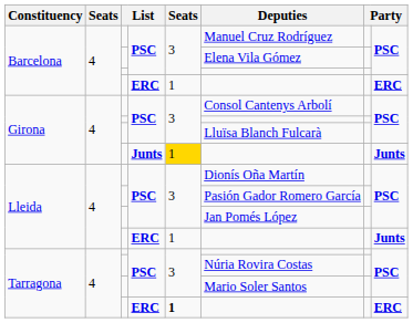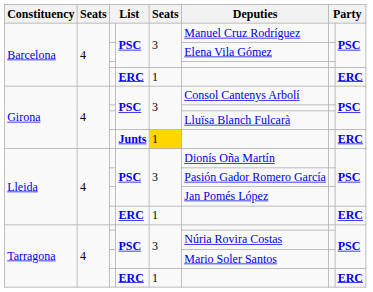 <table class="wikitable sortable">
 <tr>
 <th>Constituency</th>
 <th>Seats</th>
 <th colspan="2">List</th>
 <th>Seats</th>
 <th>Deputies</th>
 <th colspan="2">Party</th>
 </tr>
 <tr>
 <td rowspan="4"><a href='#'>Barcelona</a></td>
 <td rowspan="4">4</td>
 <td width="1"></td>
 <td rowspan="3"><strong><a href='#'>PSC</a></strong></td>
 <td rowspan="3">3</td>
 <td><a href='#'>Manuel Cruz Rodríguez</a></td>
 <td width="1"></td>
 <td rowspan="3"><strong><a href='#'>PSC</a></strong></td>
 </tr>
 <tr>
 <td width="1"></td>
 <td><a href='#'>Elena Vila Gómez</a></td>
 <td width="1"></td>
 </tr>
 <tr>
 <td width="1"></td>
 <td></td>
 <td width="1"></td>
 </tr>
 <tr>
 <td></td>
 <td><a href='#'><strong>ERC</strong></a></td>
 <td>1</td>
 <td></td>
 <td></td>
 <td><a href='#'><strong>ERC</strong></a></td>
 </tr>
 <tr>
 <td rowspan="4"><a href='#'>Girona</a></td>
 <td rowspan="4">4</td>
 <td width="1"></td>
 <td rowspan="3"><strong><a href='#'>PSC</a></strong></td>
 <td rowspan="3">3</td>
 <td><a href='#'>Consol Cantenys Arbolí</a></td>
 <td width="1"></td>
 <td rowspan="3"><strong><a href='#'>PSC</a></strong></td>
 </tr>
 <tr>
 <td width="1"></td>
 <td></td>
 <td width="1"></td>
 </tr>
 <tr>
 <td width="1"></td>
 <td><a href='#'>Lluïsa Blanch Fulcarà</a></td>
 <td width="1"></td>
 </tr>
 <tr>
 <td></td>
 <td><a href='#'><strong>Junts</strong></a></td>
 <td style="background: gold;">1</td>
 <td></td>
 <td></td>
-<td><a href='#'><strong>Junts</strong></a></td>
+<td><a href='#'><strong>ERC</strong></a></td>
 </tr>
 <tr>
 <td rowspan="4"><a href='#'>Lleida</a></td>
 <td rowspan="4">4</td>
 <td width="1"></td>
 <td rowspan="3"><strong><a href='#'>PSC</a></strong></td>
 <td rowspan="3">3</td>
 <td><a href='#'>Dionís Oña Martín</a></td>
 <td width="1"></td>
 <td rowspan="3"><strong><a href='#'>PSC</a></strong></td>
 </tr>
 <tr>
 <td width="1"></td>
 <td><a href='#'>Pasión Gador Romero García</a></td>
 <td width="1"></td>
 </tr>
 <tr>
 <td width="1"></td>
 <td><a href='#'>Jan Pomés López</a></td>
 <td width="1"></td>
 </tr>
 <tr>
 <td></td>
 <td><a href='#'><strong>ERC</strong></a></td>
 <td>1</td>
 <td></td>
 <td></td>
-<td><a href='#'><strong>Junts</strong></a></td>
+<td><a href='#'><strong>ERC</strong></a></td>
 </tr>
 <tr>
 <td rowspan="4"><a href='#'>Tarragona</a></td>
 <td rowspan="4">4</td>
 <td width="1"></td>
 <td rowspan="3"><strong><a href='#'>PSC</a></strong></td>
 <td rowspan="3">3</td>
 <td></td>
 <td width="1"></td>
 <td rowspan="3"><strong><a href='#'>PSC</a></strong></td>
 </tr>
 <tr>
 <td width="1"></td>
 <td><a href='#'>Núria Rovira Costas</a></td>
 <td width="1"></td>
 </tr>
 <tr>
 <td width="1"></td>
 <td><a href='#'>Mario Soler Santos</a></td>
 <td width="1"></td>
 </tr>
 <tr>
 <td></td>
 <td><a href='#'><strong>ERC</strong></a></td>
-<td><strong>1</strong></td>
+<td>1</td>
 <td></td>
 <td></td>
 <td><a href='#'><strong>ERC</strong></a></td>
 </tr>
 </table>
